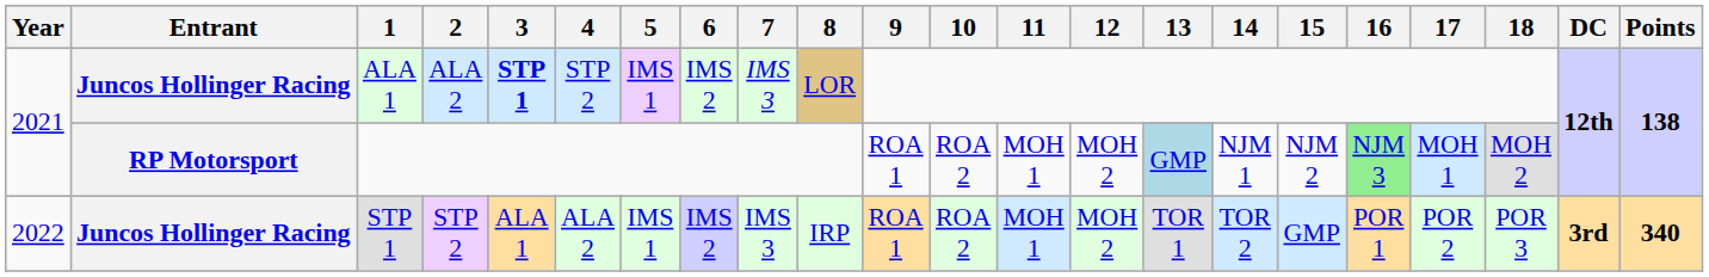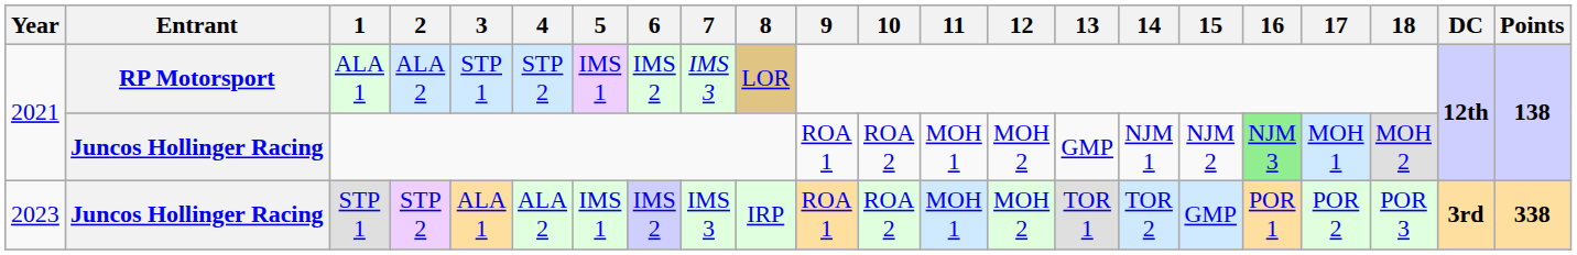 <table class="wikitable" style="text-align:center; font-size:85%">
 <tr>
 <th>Year</th>
 <th>Entrant</th>
 <th>1</th>
 <th>2</th>
 <th>3</th>
 <th>4</th>
 <th>5</th>
 <th>6</th>
 <th>7</th>
 <th>8</th>
 <th>9</th>
 <th>10</th>
 <th>11</th>
 <th>12</th>
 <th>13</th>
 <th>14</th>
 <th>15</th>
 <th>16</th>
 <th>17</th>
 <th>18</th>
 <th>DC</th>
 <th>Points</th>
 </tr>
 <tr>
 <td rowspan="2"><a href='#'>2021</a></td>
-<th nowrap><a href='#'>Juncos Hollinger Racing</a></th>
+<th nowrap><a href='#'>RP Motorsport</a></th>
 <td style="background:#DFFFDF;"><a href='#'>ALA<br>1</a><br></td>
 <td style="background:#CFEAFF;"><a href='#'>ALA<br>2</a><br></td>
-<td style="background:#CFEAFF;"><strong><a href='#'>STP<br>1</a><br></strong></td>
+<td style="background:#CFEAFF;"><a href='#'>STP<br>1</a><br></td>
 <td style="background:#CFEAFF;"><a href='#'>STP<br>2</a><br></td>
 <td style="background:#EFCFFF;"><a href='#'>IMS<br>1</a><br></td>
 <td style="background:#DFFFDF;"><a href='#'>IMS<br>2</a><br></td>
 <td style="background:#DFFFDF;"><em><a href='#'>IMS<br>3</a></em><br></td>
 <td style="background:#DFC484;"><a href='#'>LOR</a><br></td>
 <td colspan=10></td>
 <th rowspan="2" style="background:#CFCFFF;">12th</th>
 <th rowspan="2" style="background:#CFCFFF;">138</th>
 </tr>
 <tr>
-<th nowrap><a href='#'>RP Motorsport</a></th>
+<th nowrap><a href='#'>Juncos Hollinger Racing</a></th>
 <td colspan=8></td>
 <td><a href='#'>ROA<br>1</a></td>
 <td><a href='#'>ROA<br>2</a></td>
 <td><a href='#'>MOH<br>1</a></td>
 <td><a href='#'>MOH<br>2</a></td>
-<td style="background: lightblue;"><a href='#'>GMP</a></td>
+<td><a href='#'>GMP</a></td>
 <td><a href='#'>NJM<br>1</a></td>
 <td><a href='#'>NJM<br>2</a></td>
 <td style="background: lightgreen;"><a href='#'>NJM<br>3</a></td>
 <td style="background:#CFEAFF;"><a href='#'>MOH<br>1</a><br></td>
 <td style="background:#DFDFDF;"><a href='#'>MOH<br>2</a><br></td>
 </tr>
 <tr>
-<td><a href='#'>2022</a></td>
+<td><a href='#'>2023</a></td>
 <th nowrap><a href='#'>Juncos Hollinger Racing</a></th>
 <td style="background:#DFDFDF;"><a href='#'>STP<br>1</a><br></td>
 <td style="background:#EFCFFF;"><a href='#'>STP<br>2</a><br></td>
 <td style="background:#FFDF9F;"><a href='#'>ALA<br>1</a><br></td>
 <td style="background:#DFFFDF;"><a href='#'>ALA<br>2</a><br></td>
 <td style="background:#DFFFDF;"><a href='#'>IMS<br>1</a><br></td>
 <td style="background:#CFCFFF;"><a href='#'>IMS<br>2</a><br></td>
 <td style="background:#DFFFDF;"><a href='#'>IMS<br>3</a><br></td>
 <td style="background:#DFFFDF;"><a href='#'>IRP</a><br></td>
 <td style="background:#FFDF9F;"><a href='#'>ROA<br>1</a><br></td>
 <td style="background:#DFFFDF;"><a href='#'>ROA<br>2</a><br></td>
 <td style="background:#CFEAFF;"><a href='#'>MOH<br>1</a><br></td>
 <td style="background:#DFFFDF;"><a href='#'>MOH<br>2</a><br></td>
 <td style="background:#DFDFDF;"><a href='#'>TOR<br>1</a><br></td>
 <td style="background:#CFEAFF;"><a href='#'>TOR<br>2</a><br></td>
 <td style="background:#CFEAFF;"><a href='#'>GMP</a><br></td>
 <td style="background:#FFDF9F;"><a href='#'>POR<br>1</a><br></td>
 <td style="background:#DFFFDF;"><a href='#'>POR<br>2</a><br></td>
 <td style="background:#DFFFDF;"><a href='#'>POR<br>3</a><br></td>
 <th style="background:#FFDF9F;">3rd</th>
-<th style="background:#FFDF9F;">340</th>
+<th style="background:#FFDF9F;">338</th>
 </tr>
 </table>
